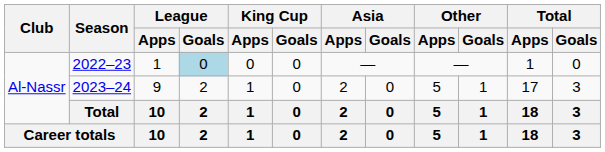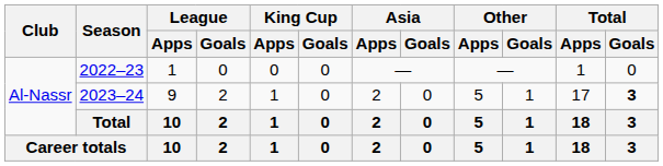 <table class="wikitable" style="text-align: center">
 <tr>
 <th rowspan=2>Club</th>
 <th rowspan=2>Season</th>
 <th colspan=2>League</th>
 <th colspan=2>King Cup</th>
 <th colspan=2>Asia</th>
 <th colspan=2>Other</th>
 <th colspan=2>Total</th>
 </tr>
 <tr>
 <th>Apps</th>
 <th>Goals</th>
 <th>Apps</th>
 <th>Goals</th>
 <th>Apps</th>
 <th>Goals</th>
 <th>Apps</th>
 <th>Goals</th>
 <th>Apps</th>
 <th>Goals</th>
 </tr>
 <tr>
 <td rowspan=3><a href='#'>Al-Nassr</a></td>
 <td><a href='#'>2022–23</a></td>
 <td>1</td>
-<td style="background: lightblue;">0</td>
+<td>0</td>
 <td>0</td>
 <td>0</td>
 <td colspan=2>—</td>
 <td colspan=2>—</td>
 <td>1</td>
 <td>0</td>
 </tr>
 <tr>
 <td><a href='#'>2023–24</a></td>
 <td>9</td>
 <td>2</td>
 <td>1</td>
 <td>0</td>
 <td>2</td>
 <td>0</td>
 <td>5</td>
 <td>1</td>
 <td>17</td>
-<td>3</td>
+<td><strong>3</strong></td>
 </tr>
 <tr>
 <th>Total</th>
 <th>10</th>
 <th>2</th>
 <th>1</th>
 <th>0</th>
 <th>2</th>
 <th>0</th>
 <th>5</th>
 <th>1</th>
 <th>18</th>
 <th>3</th>
 </tr>
 <tr>
 <th colspan=2>Career totals</th>
 <th>10</th>
 <th>2</th>
 <th>1</th>
 <th>0</th>
 <th>2</th>
 <th>0</th>
 <th>5</th>
 <th>1</th>
 <th>18</th>
 <th>3</th>
 </tr>
 </table>
